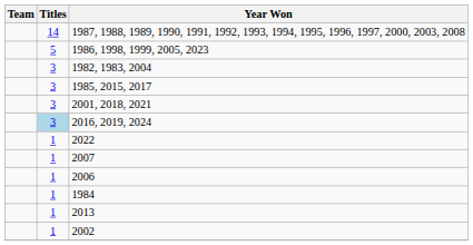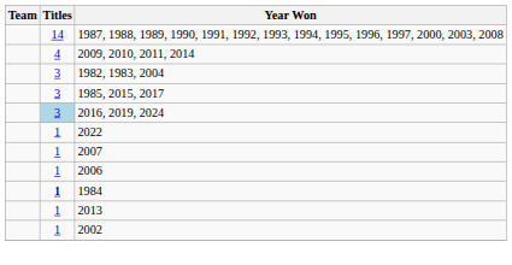 <table class="wikitable sortable" style="text-align:center">
 <tr>
 <th>Team</th>
 <th>Titles</th>
 <th>Year Won</th>
 </tr>
 <tr>
 <td><strong></strong></td>
 <td><a href='#'>14</a></td>
 <td align=left>1987, 1988, 1989, 1990, 1991, 1992, 1993, 1994, 1995, 1996, 1997, 2000, 2003, 2008</td>
 </tr>
 <tr>
 <td><strong><a href='#'></a></strong></td>
-<td><a href='#'>5</a></td>
-<td align=left>1986, 1998, 1999, 2005, 2023</td>
+<td><a href='#'>4</a></td>
+<td align=left>2009, 2010, 2011, 2014</td>
 </tr>
 <tr>
 <td><strong><a href='#'></a></strong></td>
 <td><a href='#'>3</a></td>
 <td align=left>1982, 1983, 2004</td>
 </tr>
 <tr>
 <td><strong></strong></td>
 <td><a href='#'>3</a></td>
 <td align=left>1985, 2015, 2017</td>
-</tr>
-<tr>
-<td><strong></strong></td>
-<td><a href='#'>3</a></td>
-<td align="left">2001, 2018, 2021</td>
 </tr>
 <tr>
 <td><strong><a href='#'></a></strong></td>
 <td style="background: lightblue;"><a href='#'>3</a></td>
 <td align=left>2016, 2019, 2024</td>
 </tr>
 <tr>
 <td><strong><a href='#'></a></strong></td>
 <td><a href='#'>1</a></td>
 <td align=left>2022</td>
 </tr>
 <tr>
 <td><strong></strong></td>
 <td><a href='#'>1</a></td>
 <td align=left>2007</td>
 </tr>
 <tr>
 <td><strong></strong></td>
 <td><a href='#'>1</a></td>
 <td align=left>2006</td>
 </tr>
 <tr>
 <td><strong></strong></td>
-<td><a href='#'>1</a></td>
+<td><strong><a href='#'>1</a></strong></td>
 <td align=left>1984</td>
 </tr>
 <tr>
 <td><strong><a href='#'></a></strong></td>
 <td><a href='#'>1</a></td>
 <td align=left>2013</td>
 </tr>
 <tr>
 <td><strong><a href='#'></a></strong></td>
 <td><a href='#'>1</a></td>
 <td align=left>2002</td>
 </tr>
 <tr>
 </tr>
 </table>
